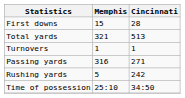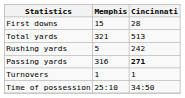 <table class="wikitable">
 <tr>
 <th>Statistics</th>
 <th>Memphis</th>
 <th>Cincinnati</th>
 </tr>
 <tr>
 <td>First downs</td>
 <td>15</td>
 <td>28</td>
 </tr>
 <tr>
 <td>Total yards</td>
 <td>321</td>
 <td>513</td>
 </tr>
 <tr>
-<td>Turnovers</td>
-<td>1</td>
-<td>1</td>
+<td>Rushing yards</td>
+<td>5</td>
+<td>242</td>
 </tr>
 <tr>
 <td>Passing yards</td>
 <td>316</td>
-<td>271</td>
+<td><strong>271</strong></td>
 </tr>
 <tr>
-<td>Rushing yards</td>
-<td>5</td>
-<td>242</td>
+<td>Turnovers</td>
+<td>1</td>
+<td>1</td>
 </tr>
 <tr>
 <td>Time of possession</td>
 <td>25:10</td>
 <td>34:50</td>
 </tr>
 <tr>
 </tr>
 </table>
